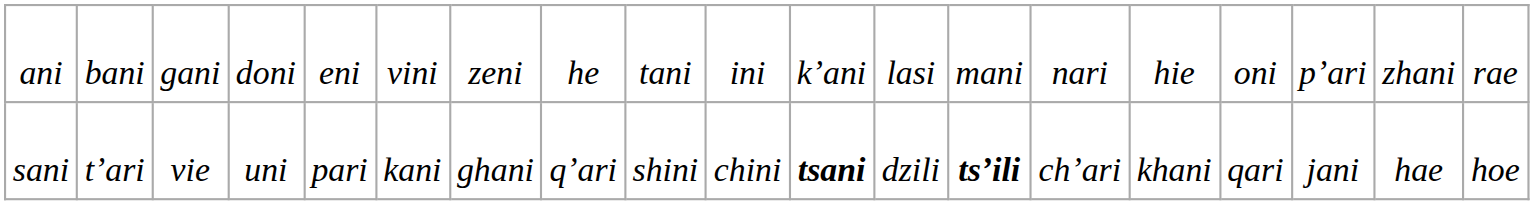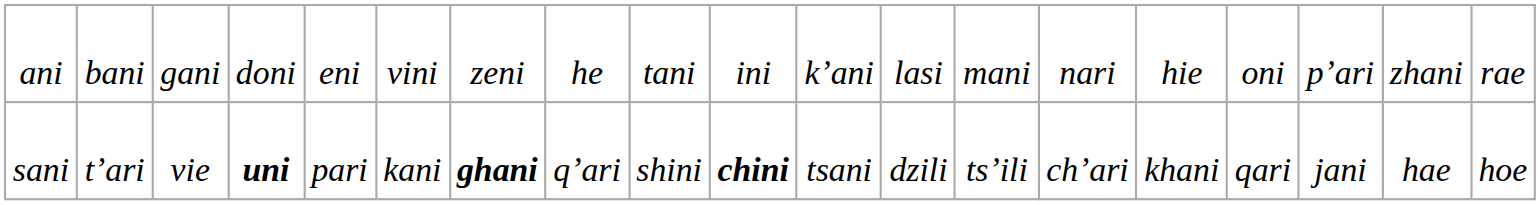 <table class="wikitable" style="line-height:1.2;width:30em;" bgcolor="#ffffff;">
 <tr align=center>
 <td bgcolor="#ffffff"><span></span><br><em>ani</em></td>
 <td bgcolor="#ffffff"><span></span><br><em>bani</em></td>
 <td bgcolor="#ffffff"><span></span><br><em>gani</em></td>
 <td bgcolor="#ffffff"><span></span><br><em>doni</em></td>
 <td bgcolor="#ffffff"><span></span><br><em>eni</em></td>
 <td bgcolor="#ffffff"><span></span><br><em>vini</em></td>
 <td bgcolor="#ffffff"><span></span><br><em>zeni</em></td>
 <td bgcolor="#ffffff"><span></span><br><em>he</em></td>
 <td bgcolor="#ffffff"><span></span><br><em>tani</em></td>
 <td bgcolor="#ffffff"><span></span><br><em>ini</em></td>
 <td bgcolor="#ffffff"><span></span><br><em>kʼani</em></td>
 <td bgcolor="#ffffff"><span></span><br><em>lasi</em></td>
 <td bgcolor="#ffffff"><span></span><br><em>mani</em></td>
 <td bgcolor="#ffffff"><span></span><br><em>nari</em></td>
 <td bgcolor="#ffffff"><span></span><br><em>hie</em></td>
 <td bgcolor="#ffffff"><span></span><br><em>oni</em></td>
 <td bgcolor="#ffffff"><span></span><br><em>pʼari</em></td>
 <td bgcolor="#ffffff"><span></span><br><em>zhani</em></td>
 <td bgcolor="#ffffff"><span></span><br><em>rae</em></td>
 </tr>
 <tr align=center>
 <td bgcolor="#ffffff"><span></span><br><em>sani</em></td>
 <td bgcolor="#ffffff"><span></span><br><em>tʼari</em></td>
 <td bgcolor="#ffffff"><span></span><br><em>vie</em></td>
-<td bgcolor="#ffffff"><span></span><br><em>uni</em></td>
+<td bgcolor="#ffffff"><strong><span></span><br><em>uni</em></strong></td>
 <td bgcolor="#ffffff"><span></span><br><em>pari</em></td>
 <td bgcolor="#ffffff"><span></span><br><em>kani</em></td>
-<td bgcolor="#ffffff"><span></span><br><em>ghani</em></td>
+<td bgcolor="#ffffff"><strong><span></span><br><em>ghani</em></strong></td>
 <td bgcolor="#ffffff"><span></span><br><em>qʼari</em></td>
 <td bgcolor="#ffffff"><span></span><br><em>shini</em></td>
-<td bgcolor="#ffffff"><span></span><br><em>chini</em></td>
-<td bgcolor="#ffffff"><strong><span></span><br><em>tsani</em></strong></td>
+<td bgcolor="#ffffff"><strong><span></span><br><em>chini</em></strong></td>
+<td bgcolor="#ffffff"><span></span><br><em>tsani</em></td>
 <td bgcolor="#ffffff"><span></span><br><em>dzili</em></td>
-<td bgcolor="#ffffff"><strong><span></span><br><em>tsʼili</em></strong></td>
+<td bgcolor="#ffffff"><span></span><br><em>tsʼili</em></td>
 <td bgcolor="#ffffff"><span></span><br><em>chʼari</em></td>
 <td bgcolor="#ffffff"><span></span><br><em>khani</em></td>
 <td bgcolor="#ffffff"><span></span><br><em>qari</em></td>
 <td bgcolor="#ffffff"><span></span><br><em>jani</em></td>
 <td bgcolor="#ffffff"><span></span><br><em>hae</em></td>
 <td bgcolor="#ffffff"><span></span><br><em>hoe</em></td>
 </tr>
 </table>
